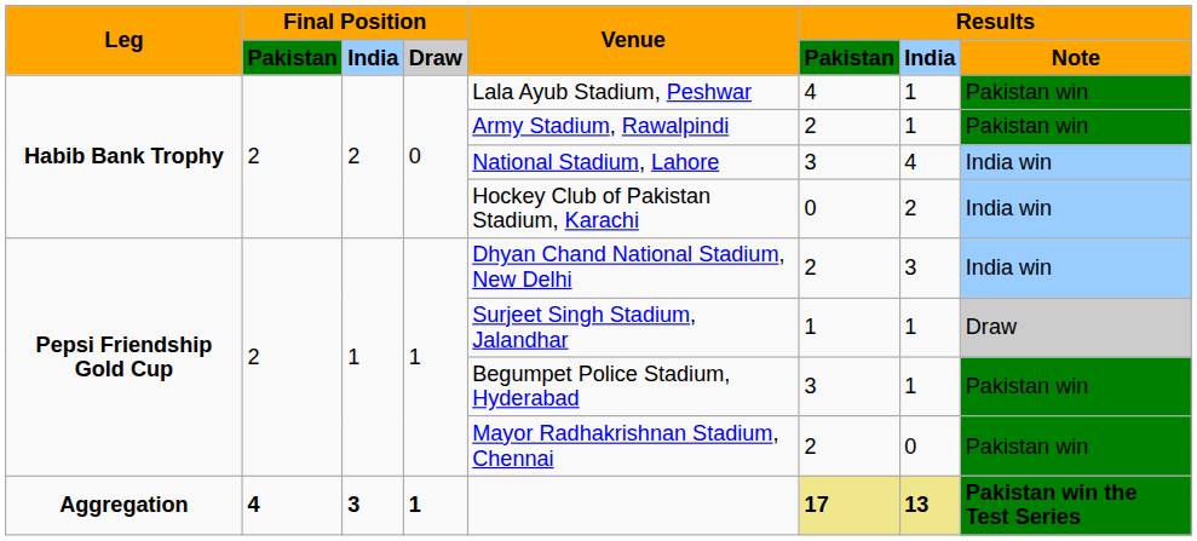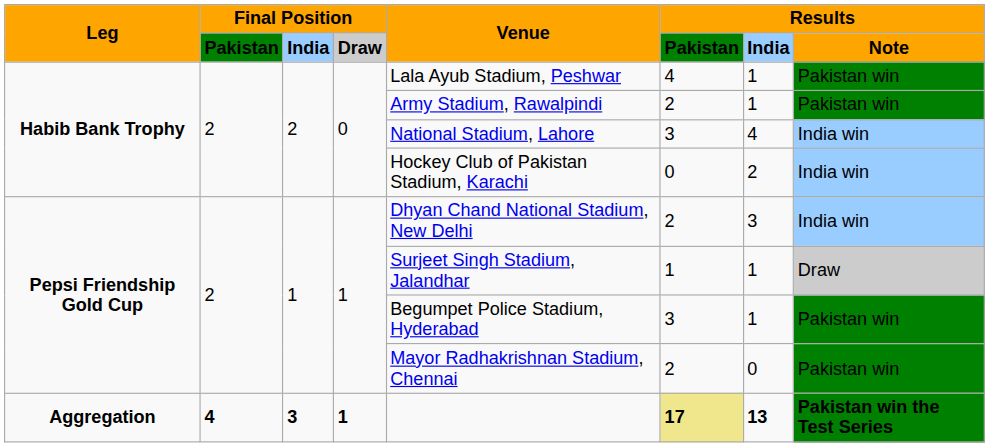 <table class="wikitable">
 <tr>
 <th style="background:orange;" rowspan=2>Leg</th>
 <th style="background:orange;" colspan=3>Final Position</th>
 <th style="background:orange;" rowspan=2>Venue</th>
 <th style="background:orange;" colspan=3>Results</th>
 </tr>
 <tr>
 <th style="background:green;"> Pakistan</th>
 <th style="background:#9cf;"> India</th>
 <th style="background:#ccc;">Draw</th>
 <th style="background:green;"> Pakistan</th>
 <th style="background:#9cf;"> India</th>
 <th style="background:orange;">Note</th>
 </tr>
 <tr>
 <td style=text-align:center; rowspan=4><strong>Habib Bank Trophy</strong></td>
 <td rowspan=4>2</td>
 <td rowspan=4>2</td>
 <td rowspan=4>0</td>
 <td> Lala Ayub Stadium, <a href='#'>Peshwar</a></td>
 <td>4</td>
 <td>1</td>
 <td style="background:green;"> Pakistan win</td>
 </tr>
 <tr>
 <td> <a href='#'>Army Stadium</a>, <a href='#'>Rawalpindi</a></td>
 <td>2</td>
 <td>1</td>
 <td style="background:green;"> Pakistan win</td>
 </tr>
 <tr>
 <td> <a href='#'>National Stadium</a>, <a href='#'>Lahore</a></td>
 <td>3</td>
 <td>4</td>
 <td style="background:#9cf;"> India win</td>
 </tr>
 <tr>
 <td> Hockey Club of Pakistan Stadium, <a href='#'>Karachi</a></td>
 <td>0</td>
 <td>2</td>
 <td style="background:#9cf;"> India win</td>
 </tr>
 <tr>
 <td style=text-align:center; rowspan=4><strong>Pepsi Friendship Gold Cup</strong></td>
 <td rowspan=4>2</td>
 <td rowspan=4>1</td>
 <td rowspan=4>1</td>
 <td> <a href='#'>Dhyan Chand National Stadium</a>, <a href='#'>New Delhi</a></td>
 <td>2</td>
 <td>3</td>
 <td style="background:#9cf;"> India win</td>
 </tr>
 <tr>
 <td> <a href='#'>Surjeet Singh Stadium</a>, <a href='#'>Jalandhar</a></td>
 <td>1</td>
 <td>1</td>
 <td style="background:#ccc;">Draw</td>
 </tr>
 <tr>
 <td> Begumpet Police Stadium, <a href='#'>Hyderabad</a></td>
 <td>3</td>
 <td>1</td>
 <td style="background:green;"> Pakistan win</td>
 </tr>
 <tr>
 <td> <a href='#'>Mayor Radhakrishnan Stadium</a>, <a href='#'>Chennai</a></td>
 <td>2</td>
 <td>0</td>
 <td style="background:green;"> Pakistan win</td>
 </tr>
 <tr>
 <td style=text-align:center;><strong>Aggregation</strong></td>
 <td><strong>4</strong></td>
 <td><strong>3</strong></td>
 <td><strong>1</strong></td>
 <td></td>
 <td style="background: khaki;"><strong>17</strong></td>
-<td style="background: khaki;"><strong>13</strong></td>
+<td><strong>13</strong></td>
 <td style="background:green;"> <strong>Pakistan win the Test Series</strong></td>
 </tr>
 </table>
